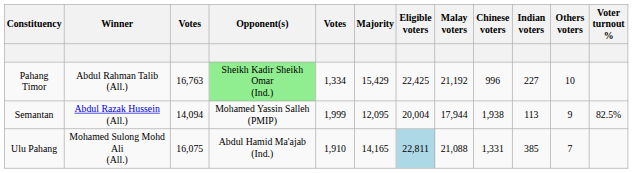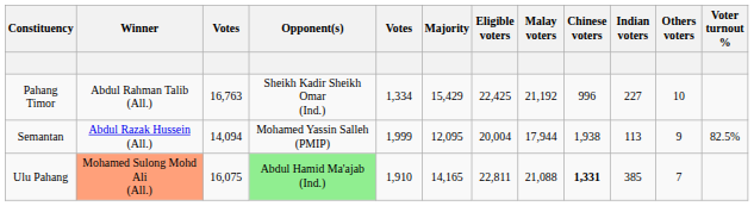 <table class="wikitable sortable" style="text-align:center; font-size:90%">
 <tr>
 <th width="60">Constituency</th>
 <th width="150">Winner</th>
 <th width="50">Votes</th>
 <th width="150">Opponent(s)</th>
 <th width="50">Votes</th>
 <th width="50">Majority</th>
 <th width="50">Eligible voters</th>
 <th width="50">Malay voters</th>
 <th width="50">Chinese voters</th>
 <th width="50">Indian voters</th>
 <th width="50">Others voters</th>
 <th width="50">Voter turnout %</th>
 </tr>
 <tr>
 <th height="20"></th>
 <th></th>
 <th></th>
 <th></th>
 <th></th>
 <th></th>
 <th></th>
 <th></th>
 <th></th>
 <th></th>
 <th></th>
 <th></th>
 </tr>
 <tr>
 <td>Pahang Timor</td>
 <td>Abdul Rahman Talib<br>(All.)</td>
 <td>16,763</td>
-<td style="background: lightgreen;">Sheikh Kadir Sheikh Omar<br>(Ind.)</td>
+<td>Sheikh Kadir Sheikh Omar<br>(Ind.)</td>
 <td>1,334</td>
 <td>15,429</td>
 <td>22,425</td>
 <td>21,192</td>
 <td>996</td>
 <td>227</td>
 <td>10</td>
 <td></td>
 </tr>
 <tr>
 <td>Semantan</td>
 <td><a href='#'>Abdul Razak Hussein</a><br>(All.)</td>
 <td>14,094</td>
 <td>Mohamed Yassin Salleh<br>(PMIP)</td>
 <td>1,999</td>
 <td>12,095</td>
 <td>20,004</td>
 <td>17,944</td>
 <td>1,938</td>
 <td>113</td>
 <td>9</td>
 <td>82.5%</td>
 </tr>
 <tr>
 <td>Ulu Pahang</td>
-<td>Mohamed Sulong Mohd Ali<br>(All.)</td>
+<td style="background: lightsalmon;">Mohamed Sulong Mohd Ali<br>(All.)</td>
 <td>16,075</td>
-<td>Abdul Hamid Ma'ajab<br>(Ind.)</td>
+<td style="background: lightgreen;">Abdul Hamid Ma'ajab<br>(Ind.)</td>
 <td>1,910</td>
 <td>14,165</td>
-<td style="background: lightblue;">22,811</td>
+<td>22,811</td>
 <td>21,088</td>
-<td>1,331</td>
+<td><strong>1,331</strong></td>
 <td>385</td>
 <td>7</td>
 <td></td>
 </tr>
 </table>
